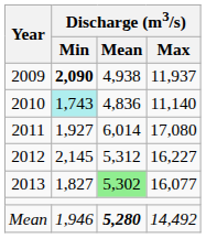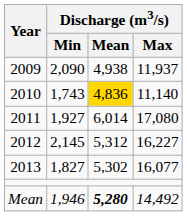 <table class="wikitable" style="text-align:center;">
 <tr>
 <th rowspan="2">Year</th>
 <th colspan="3">Discharge (m<sup>3</sup>/s)</th>
 </tr>
 <tr>
 <th>Min</th>
 <th>Mean</th>
 <th>Max</th>
 </tr>
 <tr>
 <td>2009</td>
-<td><strong>2,090</strong></td>
+<td>2,090</td>
 <td>4,938</td>
 <td>11,937</td>
 </tr>
 <tr>
 <td>2010</td>
-<td style="background: paleturquoise;">1,743</td>
-<td>4,836</td>
+<td>1,743</td>
+<td style="background: gold;">4,836</td>
 <td>11,140</td>
 </tr>
 <tr>
 <td>2011</td>
 <td>1,927</td>
 <td>6,014</td>
 <td>17,080</td>
 </tr>
 <tr>
 <td>2012</td>
 <td>2,145</td>
 <td>5,312</td>
 <td>16,227</td>
 </tr>
 <tr>
 <td>2013</td>
 <td>1,827</td>
-<td style="background: lightgreen;">5,302</td>
+<td>5,302</td>
 <td>16,077</td>
 </tr>
 <tr>
 <td colspan="4"></td>
 </tr>
 <tr>
 <td><em>Mean</em></td>
 <td><em>1,946</em></td>
 <td><strong><em>5,280</em></strong></td>
 <td><em>14,492</em></td>
 </tr>
 </table>
